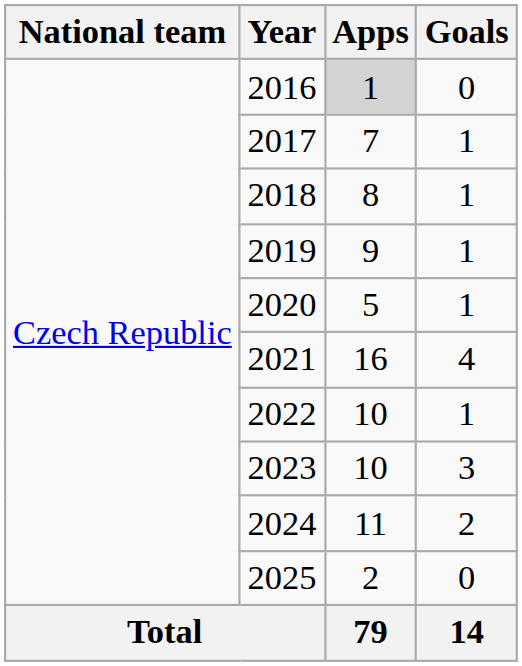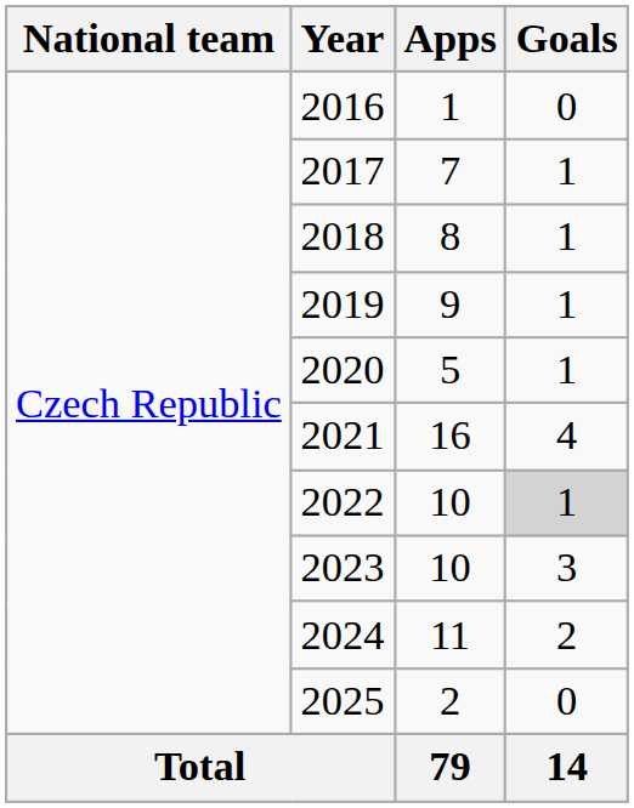 <table class="wikitable" style="text-align:center">
 <tr>
 <th>National team</th>
 <th>Year</th>
 <th>Apps</th>
 <th>Goals</th>
 </tr>
 <tr>
 <td rowspan="10"><a href='#'>Czech Republic</a></td>
 <td>2016</td>
-<td style="background: lightgrey;">1</td>
+<td>1</td>
 <td>0</td>
 </tr>
 <tr>
 <td>2017</td>
 <td>7</td>
 <td>1</td>
 </tr>
 <tr>
 <td>2018</td>
 <td>8</td>
 <td>1</td>
 </tr>
 <tr>
 <td>2019</td>
 <td>9</td>
 <td>1</td>
 </tr>
 <tr>
 <td>2020</td>
 <td>5</td>
 <td>1</td>
 </tr>
 <tr>
 <td>2021</td>
 <td>16</td>
 <td>4</td>
 </tr>
 <tr>
 <td>2022</td>
 <td>10</td>
-<td>1</td>
+<td style="background: lightgrey;">1</td>
 </tr>
 <tr>
 <td>2023</td>
 <td>10</td>
 <td>3</td>
 </tr>
 <tr>
 <td>2024</td>
 <td>11</td>
 <td>2</td>
 </tr>
 <tr>
 <td>2025</td>
 <td>2</td>
 <td>0</td>
 </tr>
 <tr>
 <th colspan="2">Total</th>
 <th>79</th>
 <th>14</th>
 </tr>
 </table>
